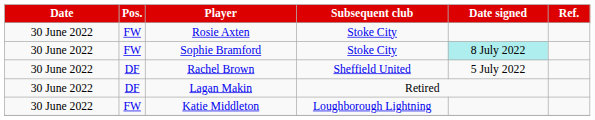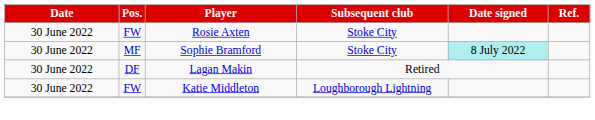 <table class="wikitable" style="text-align:center;">
 <tr>
 <th style="background:#DD0000; color:#FFFFFF; width:150px;">Date</th>
 <th style="background:#DD0000; color:#FFFFFF; width:20px;">Pos.</th>
 <th style="background:#DD0000; color:#FFFFFF; width:200px;">Player</th>
 <th style="background:#DD0000; color:#FFFFFF; width:200px;">Subsequent club</th>
 <th style="background:#DD0000; color:#FFFFFF; width:130px;">Date signed</th>
 <th style="background:#DD0000; color:#FFFFFF; width:50px;">Ref.</th>
 </tr>
 <tr>
 <td>30 June 2022</td>
 <td><a href='#'>FW</a></td>
 <td><a href='#'>Rosie Axten</a></td>
 <td><a href='#'>Stoke City</a></td>
 <td></td>
 <td></td>
 </tr>
 <tr>
 <td>30 June 2022</td>
-<td><a href='#'>FW</a></td>
+<td><a href='#'>MF</a></td>
 <td><a href='#'>Sophie Bramford</a></td>
 <td><a href='#'>Stoke City</a></td>
 <td style="background: paleturquoise;">8 July 2022</td>
-<td></td>
-</tr>
-<tr>
-<td>30 June 2022</td>
-<td><a href='#'>DF</a></td>
-<td><a href='#'>Rachel Brown</a></td>
-<td><a href='#'>Sheffield United</a></td>
-<td>5 July 2022</td>
 <td></td>
 </tr>
 <tr>
 <td>30 June 2022</td>
 <td><a href='#'>DF</a></td>
 <td><a href='#'>Lagan Makin</a></td>
 <td colspan="2" align=center>Retired</td>
 <td></td>
 </tr>
 <tr>
 <td>30 June 2022</td>
 <td><a href='#'>FW</a></td>
 <td><a href='#'>Katie Middleton</a></td>
 <td><a href='#'>Loughborough Lightning</a></td>
 <td></td>
 <td></td>
 </tr>
 <tr>
 </tr>
 </table>
